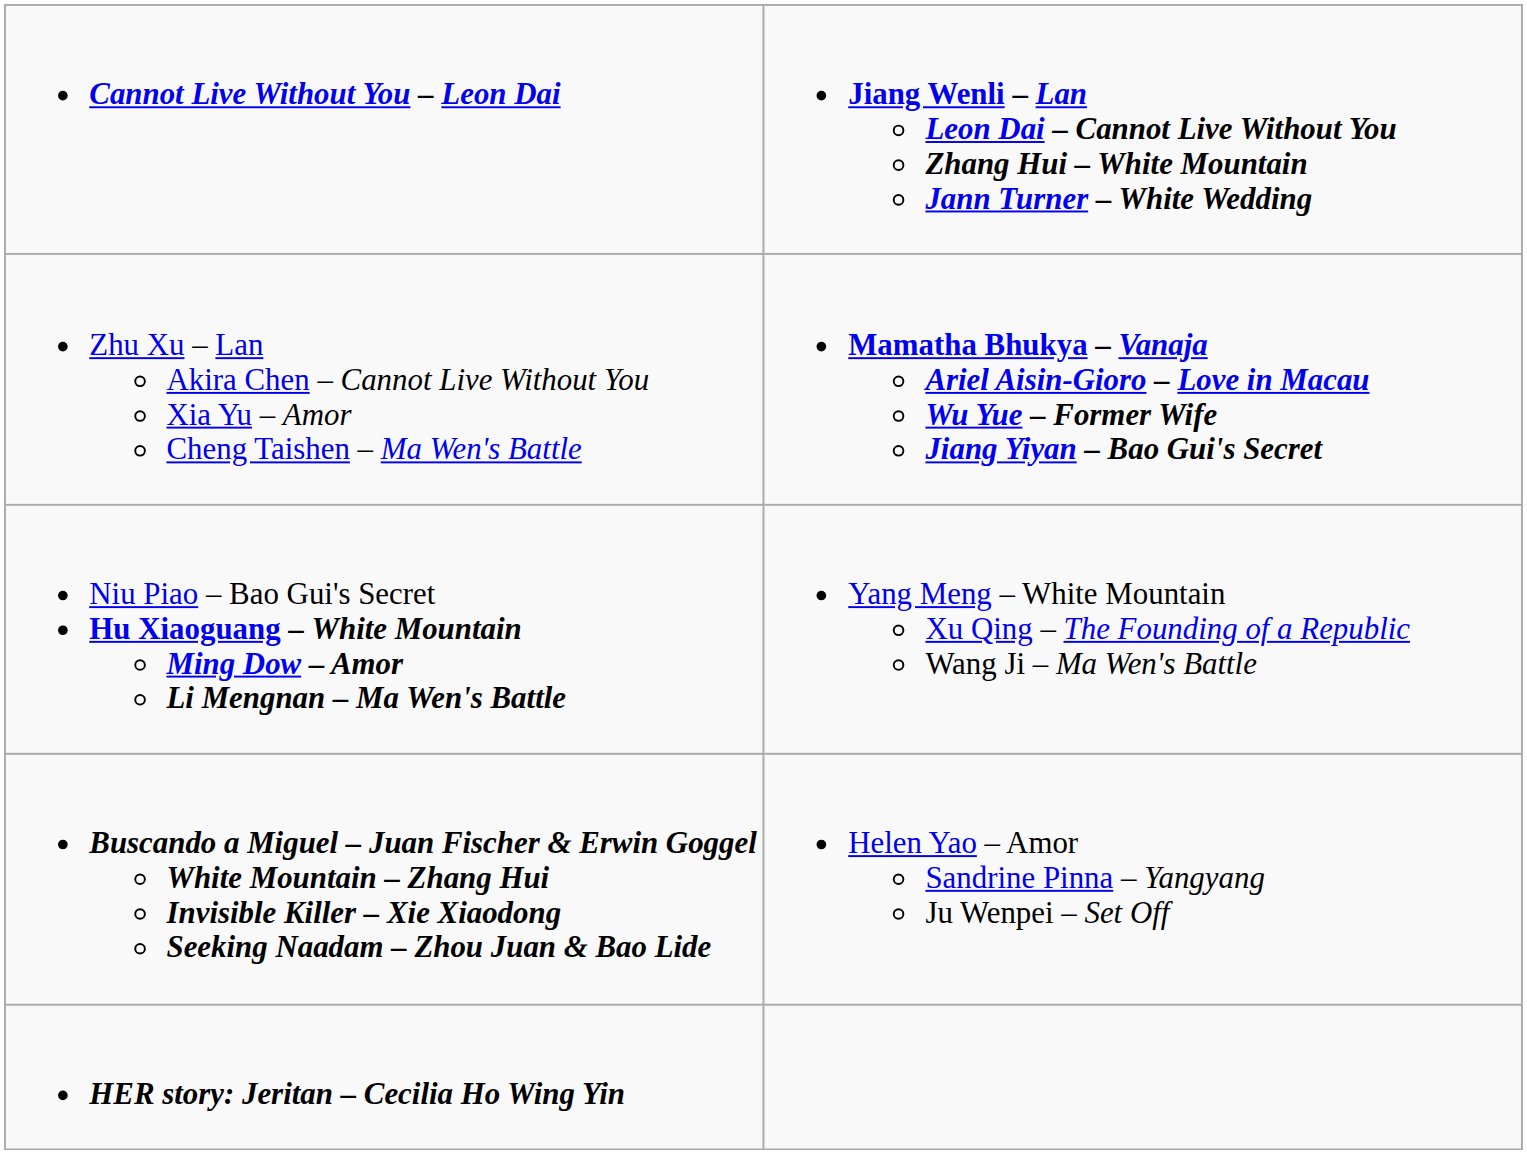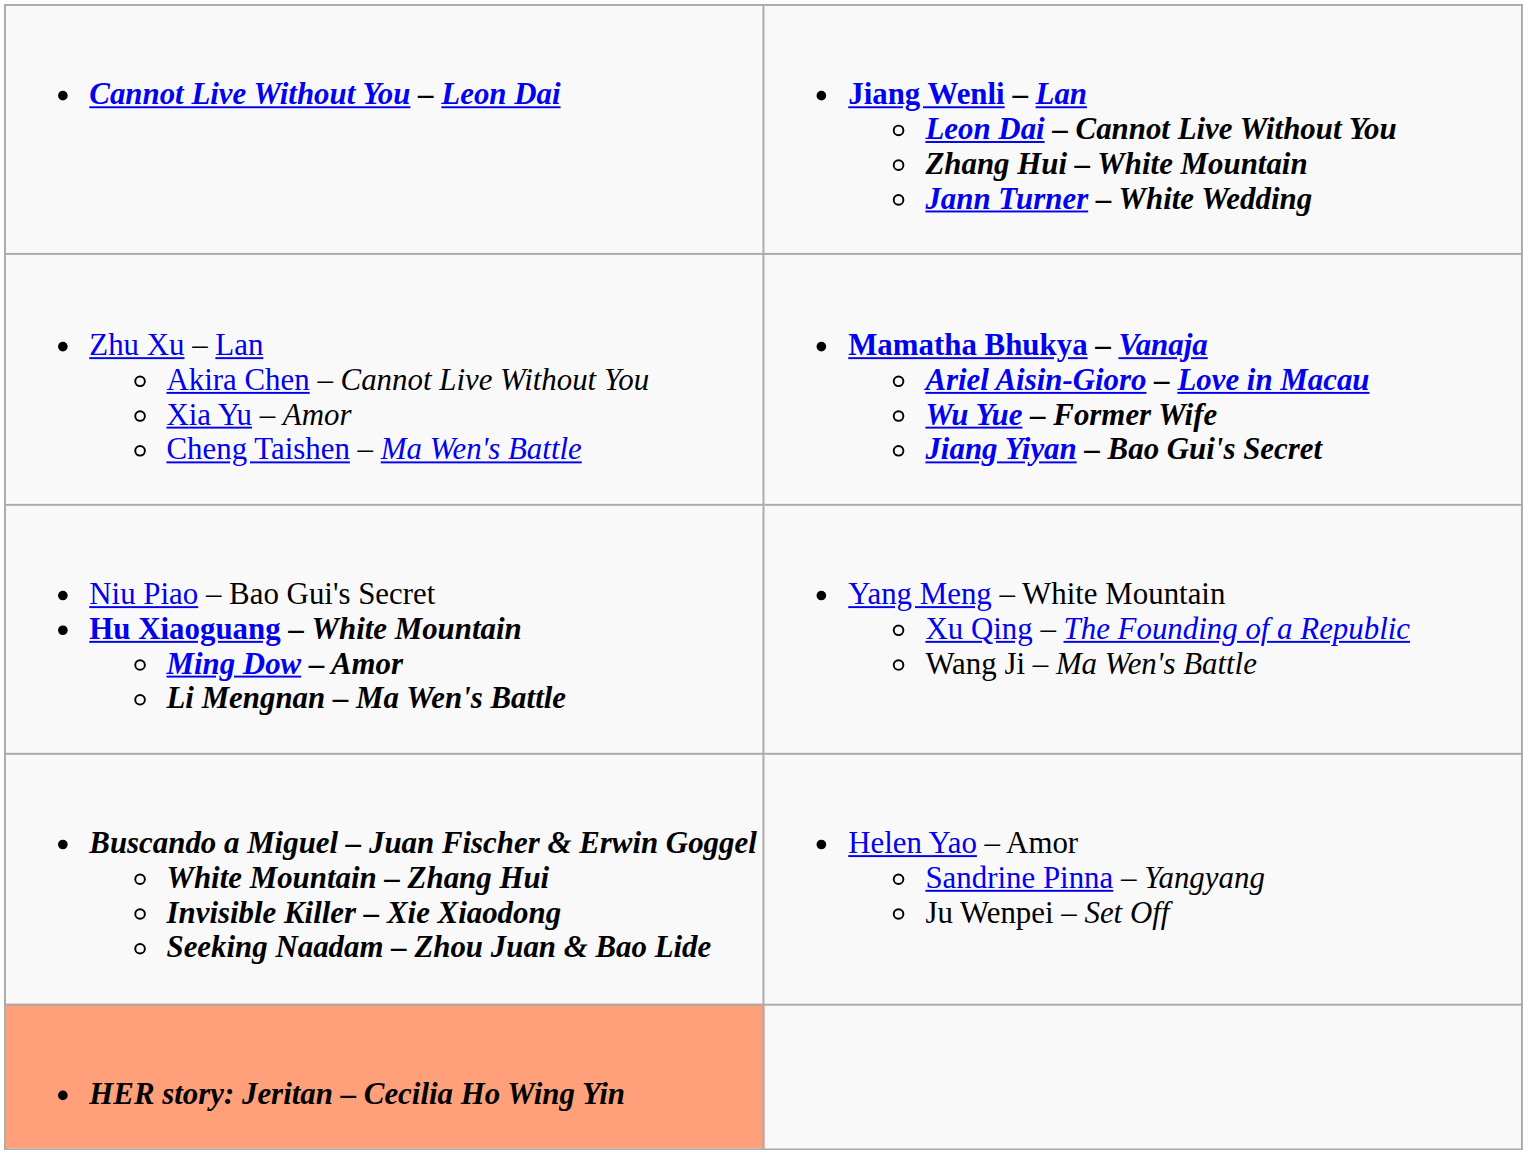 <table class=wikitable>
 <tr>
 <td valign="top" width="50%"><br><ul><li><strong><em><a href='#'>Cannot Live Without You</a> – <a href='#'>Leon Dai</a></em></strong></li></ul></td>
 <td valign="top" width="50%"><br><ul><li><strong><a href='#'>Jiang Wenli</a> – <em><a href='#'>Lan</a><strong><em><ul><li><a href='#'>Leon Dai</a> – </em>Cannot Live Without You<em></li><li>Zhang Hui – </em>White Mountain<em></li><li><a href='#'>Jann Turner</a> – </em>White Wedding<em></li></ul></li></ul></td>
 </tr>
 <tr>
 <td valign="top" width="50%"><br><ul><li></strong><a href='#'>Zhu Xu</a> – </em><a href='#'>Lan</a></em></strong><ul><li><a href='#'>Akira Chen</a> – <em>Cannot Live Without You</em></li><li><a href='#'>Xia Yu</a> – <em>Amor</em></li><li><a href='#'>Cheng Taishen</a> – <em><a href='#'>Ma Wen's Battle</a></em></li></ul></li></ul></td>
 <td valign="top" width="50%"><br><ul><li><strong><a href='#'>Mamatha Bhukya</a> – <em><a href='#'>Vanaja</a><strong><em><ul><li><a href='#'>Ariel Aisin-Gioro</a> – </em><a href='#'>Love in Macau</a><em></li><li><a href='#'>Wu Yue</a> – </em>Former Wife<em></li><li><a href='#'>Jiang Yiyan</a> – </em>Bao Gui's Secret<em></li></ul></li></ul></td>
 </tr>
 <tr>
 <td valign="top" width="50%"><br><ul><li></strong><a href='#'>Niu Piao</a> – </em>Bao Gui's Secret</em></strong></li><li><strong><a href='#'>Hu Xiaoguang</a> – <em>White Mountain<strong><em><ul><li><a href='#'>Ming Dow</a> – </em>Amor<em></li><li>Li Mengnan – </em>Ma Wen's Battle<em></li></ul></li></ul></td>
 <td valign="top" width="50%"><br><ul><li></strong><a href='#'>Yang Meng</a> – </em>White Mountain</em></strong><ul><li><a href='#'>Xu Qing</a> – <em><a href='#'>The Founding of a Republic</a></em></li><li>Wang Ji – <em>Ma Wen's Battle</em></li></ul></li></ul></td>
 </tr>
 <tr>
 <td valign="top" width="50%"><br><ul><li><strong><em>Buscando a Miguel<em> – Juan Fischer & Erwin Goggel<strong><ul><li></em>White Mountain<em> – Zhang Hui</li><li></em>Invisible Killer<em> – Xie Xiaodong</li><li></em>Seeking Naadam<em> – Zhou Juan & Bao Lide</li></ul></li></ul></td>
 <td valign="top" width="50%"><br><ul><li></strong><a href='#'>Helen Yao</a> – </em>Amor</em></strong><ul><li><a href='#'>Sandrine Pinna</a> – <em>Yangyang</em></li><li>Ju Wenpei – <em>Set Off</em></li></ul></li></ul></td>
 </tr>
 <tr>
-<td valign="top" width="50%"><br><ul><li><strong><em>HER story: Jeritan<em> – Cecilia Ho Wing Yin<strong></li></ul></td>
+<td valign="top" width="50%" style="background: lightsalmon;"><br><ul><li><strong><em>HER story: Jeritan<em> – Cecilia Ho Wing Yin<strong></li></ul></td>
 </tr>
 </table>
